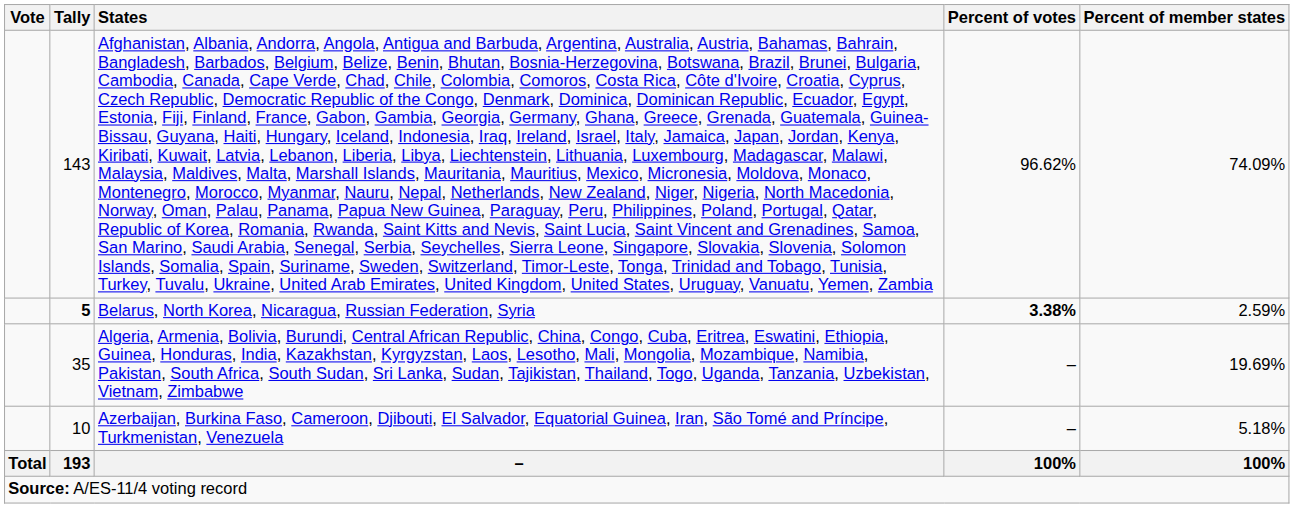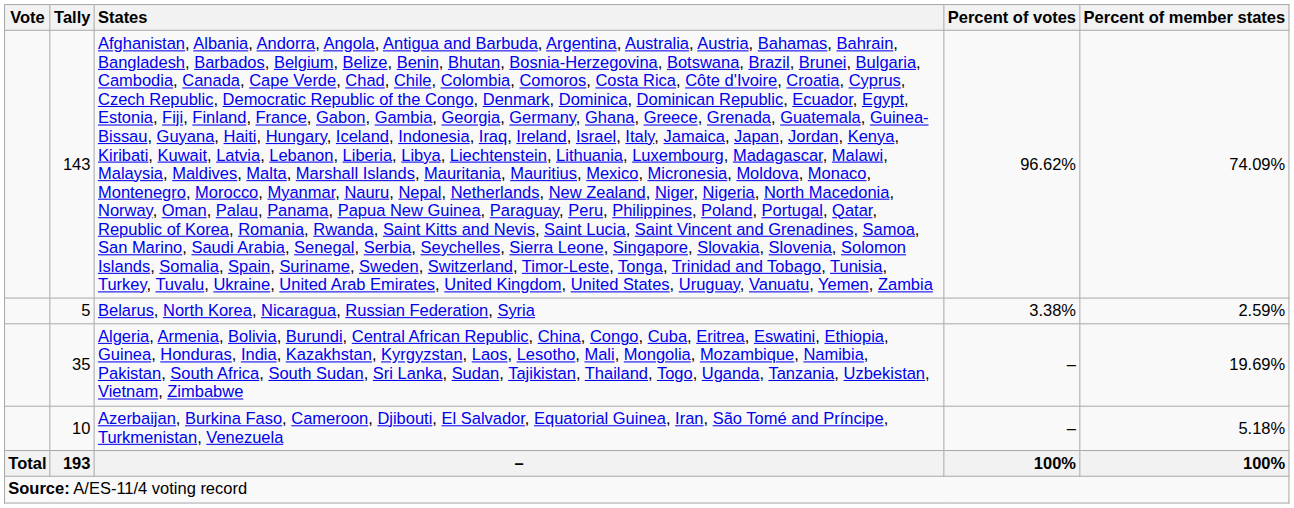 <table class="wikitable mw-collapsible mw-collapsed">
 <tr>
 <th style="vertical-align: bottom">Vote</th>
 <th style="text-align: right; vertical-align: bottom;">Tally</th>
 <th style="text-align: left; vertical-align: bottom">States</th>
 <th style="text-align: right; vertical-align: bottom; white-space: nowrap">Percent of votes</th>
 <th style="text-align: right; vertical-align: bottom; white-space: nowrap">Percent of member states</th>
 </tr>
 <tr>
 <td></td>
 <td style="text-align: right">143</td>
 <td><a href='#'>Afghanistan</a>, <a href='#'>Albania</a>, <a href='#'>Andorra</a>, <a href='#'>Angola</a>, <a href='#'>Antigua and Barbuda</a>, <a href='#'>Argentina</a>, <a href='#'>Australia</a>, <a href='#'>Austria</a>, <a href='#'>Bahamas</a>, <a href='#'>Bahrain</a>, <a href='#'>Bangladesh</a>, <a href='#'>Barbados</a>, <a href='#'>Belgium</a>, <a href='#'>Belize</a>, <a href='#'>Benin</a>, <a href='#'>Bhutan</a>, <a href='#'>Bosnia-Herzegovina</a>, <a href='#'>Botswana</a>, <a href='#'>Brazil</a>, <a href='#'>Brunei</a>, <a href='#'>Bulgaria</a>, <a href='#'>Cambodia</a>, <a href='#'>Canada</a>, <a href='#'>Cape Verde</a>, <a href='#'>Chad</a>, <a href='#'>Chile</a>, <a href='#'>Colombia</a>, <a href='#'>Comoros</a>, <a href='#'>Costa Rica</a>, <a href='#'>Côte d'Ivoire</a>, <a href='#'>Croatia</a>, <a href='#'>Cyprus</a>, <a href='#'>Czech Republic</a>, <a href='#'>Democratic Republic of the Congo</a>, <a href='#'>Denmark</a>, <a href='#'>Dominica</a>, <a href='#'>Dominican Republic</a>, <a href='#'>Ecuador</a>, <a href='#'>Egypt</a>, <a href='#'>Estonia</a>, <a href='#'>Fiji</a>, <a href='#'>Finland</a>, <a href='#'>France</a>, <a href='#'>Gabon</a>, <a href='#'>Gambia</a>, <a href='#'>Georgia</a>, <a href='#'>Germany</a>, <a href='#'>Ghana</a>, <a href='#'>Greece</a>, <a href='#'>Grenada</a>, <a href='#'>Guatemala</a>, <a href='#'>Guinea-Bissau</a>, <a href='#'>Guyana</a>, <a href='#'>Haiti</a>, <a href='#'>Hungary</a>, <a href='#'>Iceland</a>, <a href='#'>Indonesia</a>, <a href='#'>Iraq</a>, <a href='#'>Ireland</a>, <a href='#'>Israel</a>, <a href='#'>Italy</a>, <a href='#'>Jamaica</a>, <a href='#'>Japan</a>, <a href='#'>Jordan</a>, <a href='#'>Kenya</a>, <a href='#'>Kiribati</a>, <a href='#'>Kuwait</a>, <a href='#'>Latvia</a>, <a href='#'>Lebanon</a>, <a href='#'>Liberia</a>, <a href='#'>Libya</a>, <a href='#'>Liechtenstein</a>, <a href='#'>Lithuania</a>, <a href='#'>Luxembourg</a>, <a href='#'>Madagascar</a>, <a href='#'>Malawi</a>, <a href='#'>Malaysia</a>, <a href='#'>Maldives</a>, <a href='#'>Malta</a>, <a href='#'>Marshall Islands</a>, <a href='#'>Mauritania</a>, <a href='#'>Mauritius</a>, <a href='#'>Mexico</a>, <a href='#'>Micronesia</a>, <a href='#'>Moldova</a>, <a href='#'>Monaco</a>, <a href='#'>Montenegro</a>, <a href='#'>Morocco</a>, <a href='#'>Myanmar</a>, <a href='#'>Nauru</a>, <a href='#'>Nepal</a>, <a href='#'>Netherlands</a>, <a href='#'>New Zealand</a>, <a href='#'>Niger</a>, <a href='#'>Nigeria</a>, <a href='#'>North Macedonia</a>, <a href='#'>Norway</a>, <a href='#'>Oman</a>, <a href='#'>Palau</a>, <a href='#'>Panama</a>, <a href='#'>Papua New Guinea</a>, <a href='#'>Paraguay</a>, <a href='#'>Peru</a>, <a href='#'>Philippines</a>, <a href='#'>Poland</a>, <a href='#'>Portugal</a>, <a href='#'>Qatar</a>, <a href='#'>Republic of Korea</a>, <a href='#'>Romania</a>, <a href='#'>Rwanda</a>, <a href='#'>Saint Kitts and Nevis</a>, <a href='#'>Saint Lucia</a>, <a href='#'>Saint Vincent and Grenadines</a>, <a href='#'>Samoa</a>, <a href='#'>San Marino</a>, <a href='#'>Saudi Arabia</a>, <a href='#'>Senegal</a>, <a href='#'>Serbia</a>, <a href='#'>Seychelles</a>, <a href='#'>Sierra Leone</a>, <a href='#'>Singapore</a>, <a href='#'>Slovakia</a>, <a href='#'>Slovenia</a>, <a href='#'>Solomon Islands</a>, <a href='#'>Somalia</a>, <a href='#'>Spain</a>, <a href='#'>Suriname</a>, <a href='#'>Sweden</a>, <a href='#'>Switzerland</a>, <a href='#'>Timor-Leste</a>, <a href='#'>Tonga</a>, <a href='#'>Trinidad and Tobago</a>, <a href='#'>Tunisia</a>, <a href='#'>Turkey</a>, <a href='#'>Tuvalu</a>, <a href='#'>Ukraine</a>, <a href='#'>United Arab Emirates</a>, <a href='#'>United Kingdom</a>, <a href='#'>United States</a>, <a href='#'>Uruguay</a>, <a href='#'>Vanuatu</a>, <a href='#'>Yemen</a>, <a href='#'>Zambia</a></td>
 <td style="text-align: right">96.62%</td>
 <td style="text-align: right">74.09%</td>
 </tr>
 <tr>
 <td></td>
-<td style="text-align: right"><strong>5</strong></td>
+<td style="text-align: right">5</td>
 <td><a href='#'>Belarus</a>, <a href='#'>North Korea</a>, <a href='#'>Nicaragua</a>, <a href='#'>Russian Federation</a>, <a href='#'>Syria</a></td>
-<td style="text-align: right"><strong>3.38%</strong></td>
+<td style="text-align: right">3.38%</td>
 <td style="text-align: right">2.59%</td>
 </tr>
 <tr>
 <td></td>
 <td style="text-align: right">35</td>
 <td><a href='#'>Algeria</a>, <a href='#'>Armenia</a>, <a href='#'>Bolivia</a>, <a href='#'>Burundi</a>, <a href='#'>Central African Republic</a>, <a href='#'>China</a>, <a href='#'>Congo</a>, <a href='#'>Cuba</a>, <a href='#'>Eritrea</a>, <a href='#'>Eswatini</a>, <a href='#'>Ethiopia</a>, <a href='#'>Guinea</a>, <a href='#'>Honduras</a>, <a href='#'>India</a>, <a href='#'>Kazakhstan</a>, <a href='#'>Kyrgyzstan</a>, <a href='#'>Laos</a>, <a href='#'>Lesotho</a>, <a href='#'>Mali</a>, <a href='#'>Mongolia</a>, <a href='#'>Mozambique</a>, <a href='#'>Namibia</a>, <a href='#'>Pakistan</a>, <a href='#'>South Africa</a>, <a href='#'>South Sudan</a>, <a href='#'>Sri Lanka</a>, <a href='#'>Sudan</a>, <a href='#'>Tajikistan</a>, <a href='#'>Thailand</a>, <a href='#'>Togo</a>, <a href='#'>Uganda</a>, <a href='#'>Tanzania</a>, <a href='#'>Uzbekistan</a>, <a href='#'>Vietnam</a>, <a href='#'>Zimbabwe</a></td>
 <td style="text-align: right">–</td>
 <td style="text-align: right">19.69%</td>
 </tr>
 <tr>
 <td></td>
 <td style="text-align: right">10</td>
 <td><a href='#'>Azerbaijan</a>, <a href='#'>Burkina Faso</a>, <a href='#'>Cameroon</a>, <a href='#'>Djibouti</a>, <a href='#'>El Salvador</a>, <a href='#'>Equatorial Guinea</a>, <a href='#'>Iran</a>, <a href='#'>São Tomé and Príncipe</a>, <a href='#'>Turkmenistan</a>, <a href='#'>Venezuela</a></td>
 <td style="text-align: right">–</td>
 <td style="text-align: right">5.18%</td>
 </tr>
 <tr>
 <th style="text-align: left">Total</th>
 <th style="text-align: right">193</th>
 <th>–</th>
 <th style="text-align: right">100%</th>
 <th style="text-align: right">100%</th>
 </tr>
 <tr>
 <td colspan="5"><strong>Source:</strong> A/ES-11/4 voting record<br></td>
 </tr>
 </table>
